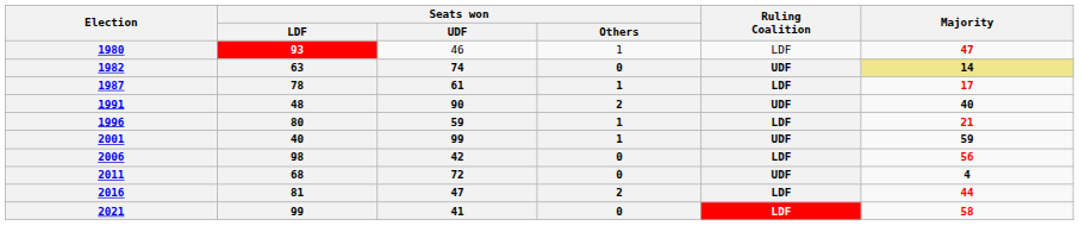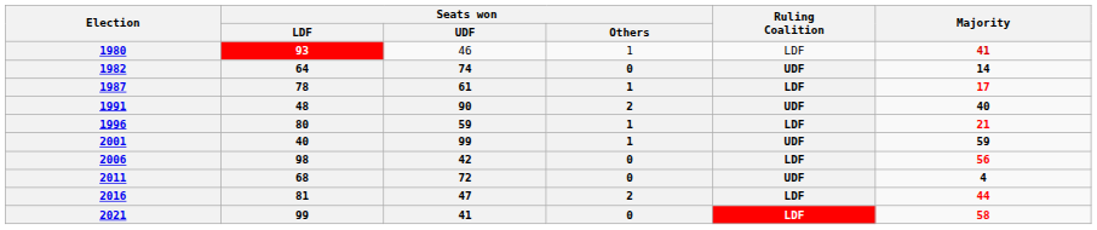 <table class="wikitable sortable" style="width:100%; text-align:center">
 <tr>
 <th rowspan="2">Election</th>
 <th colspan="3">Seats won</th>
 <th rowspan="2">Ruling<br>Coalition</th>
 <th rowspan="2">Majority</th>
 </tr>
 <tr>
 <th style="width:15%;"Style="background-color:#FF0000; color:white">LDF</th>
 <th style="width:15%;" Style="background-color:">UDF</th>
 <th>Others</th>
 </tr>
 <tr>
 <th><a href='#'>1980</a></th>
 <td style="background-color:#FF0000; color:white"><strong>93</strong></td>
 <td>46</td>
 <td>1</td>
 <td style="width:15%;"Style="background-color:#FF0000; color:white">LDF</td>
-<td style="color:#DB0000;"><strong>47</strong></td>
+<td style="color:#DB0000;"><strong>41</strong></td>
 </tr>
 <tr>
 <th><a href='#'>1982</a></th>
-<th>63</th>
+<th>64</th>
 <th style="width:15%;" Style="background-color:"><strong>74</strong></th>
 <th>0</th>
 <th style="width:15%;" Style="background-color:">UDF</th>
-<td style="background: khaki; color:"><strong>14</strong></td>
+<td style="color:"><strong>14</strong></td>
 </tr>
 <tr>
 <th><a href='#'>1987</a></th>
 <th style="width:15%;"Style="background-color:#FF0000; color:white"><strong>78</strong></th>
 <th>61</th>
 <th>1</th>
 <th style="width:15%;"Style="background-color:#FF0000; color:white">LDF</th>
 <td style="color:#FF0000;"><strong>17</strong></td>
 </tr>
 <tr>
 <th><a href='#'>1991</a></th>
 <th>48</th>
 <th style="width:15%;" Style="background-color:"><strong>90</strong></th>
 <th>2</th>
 <th style="width:15%;" Style="background-color:">UDF</th>
 <td style="color:"><strong>40</strong></td>
 </tr>
 <tr>
 <th><a href='#'>1996</a></th>
 <th style="width:15%;"Style="background-color:#FF0000; color:white"><strong>80</strong></th>
 <th>59</th>
 <th>1</th>
 <th style="width:15%;"Style="background-color:#FF0000; color:white">LDF</th>
 <td style="color:#FF0000;"><strong>21</strong></td>
 </tr>
 <tr>
 <th><a href='#'>2001</a></th>
 <th>40</th>
 <th style="width:15%;" Style="background-color:"><strong>99</strong></th>
 <th>1</th>
 <th style="width:15%;" Style="background-color:">UDF</th>
 <td style="color:"><strong>59</strong></td>
 </tr>
 <tr>
 <th><a href='#'>2006</a></th>
 <th style="width:15%;"Style="background-color:#FF0000; color:white"><strong>98</strong></th>
 <th>42</th>
 <th>0</th>
 <th style="width:15%;"Style="background-color:#FF0000; color:white">LDF</th>
 <td style="color:#FF0000;"><strong>56</strong></td>
 </tr>
 <tr>
 <th><a href='#'>2011</a></th>
 <th>68</th>
 <th style="width:15%;" Style="background-color:"><strong>72</strong></th>
 <th>0</th>
 <th style="width:15%;" Style="background-color:">UDF</th>
 <td style="color:"><strong>4</strong></td>
 </tr>
 <tr>
 <th><a href='#'>2016</a></th>
 <th style="width:15%;"Style="background-color:#FF0000; color:white"><strong>81</strong></th>
 <th>47</th>
 <th>2</th>
 <th style="width:15%;"Style="background-color:#FF0000; color:white">LDF</th>
 <td style="color:#FF0000;"><strong>44</strong></td>
 </tr>
 <tr>
 <th><a href='#'>2021</a></th>
 <th style="width:15%;"Style="background-color:#FF0000; color:white"><strong>99</strong></th>
 <th>41</th>
 <th>0</th>
 <th style="background-color:#FF0000; color:white">LDF</th>
 <td style="color:#FF0000;"><strong>58</strong></td>
 </tr>
 </table>
